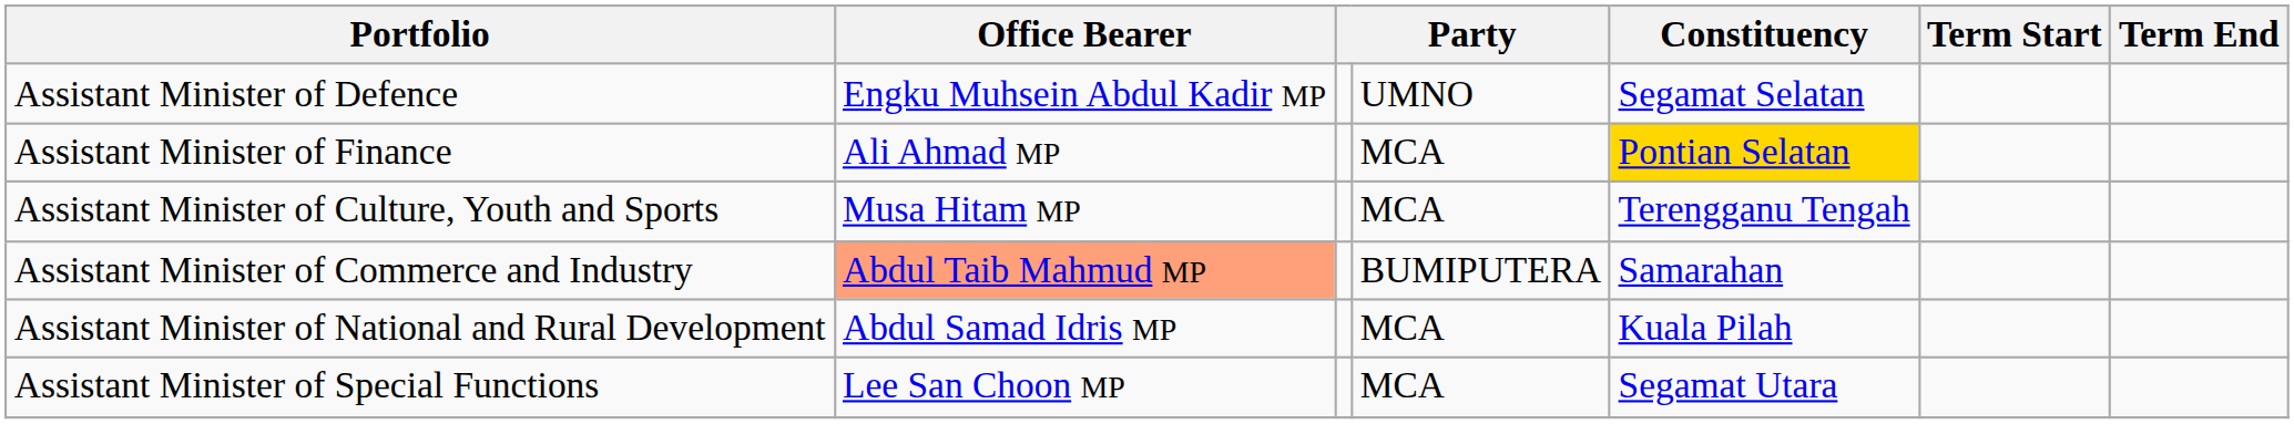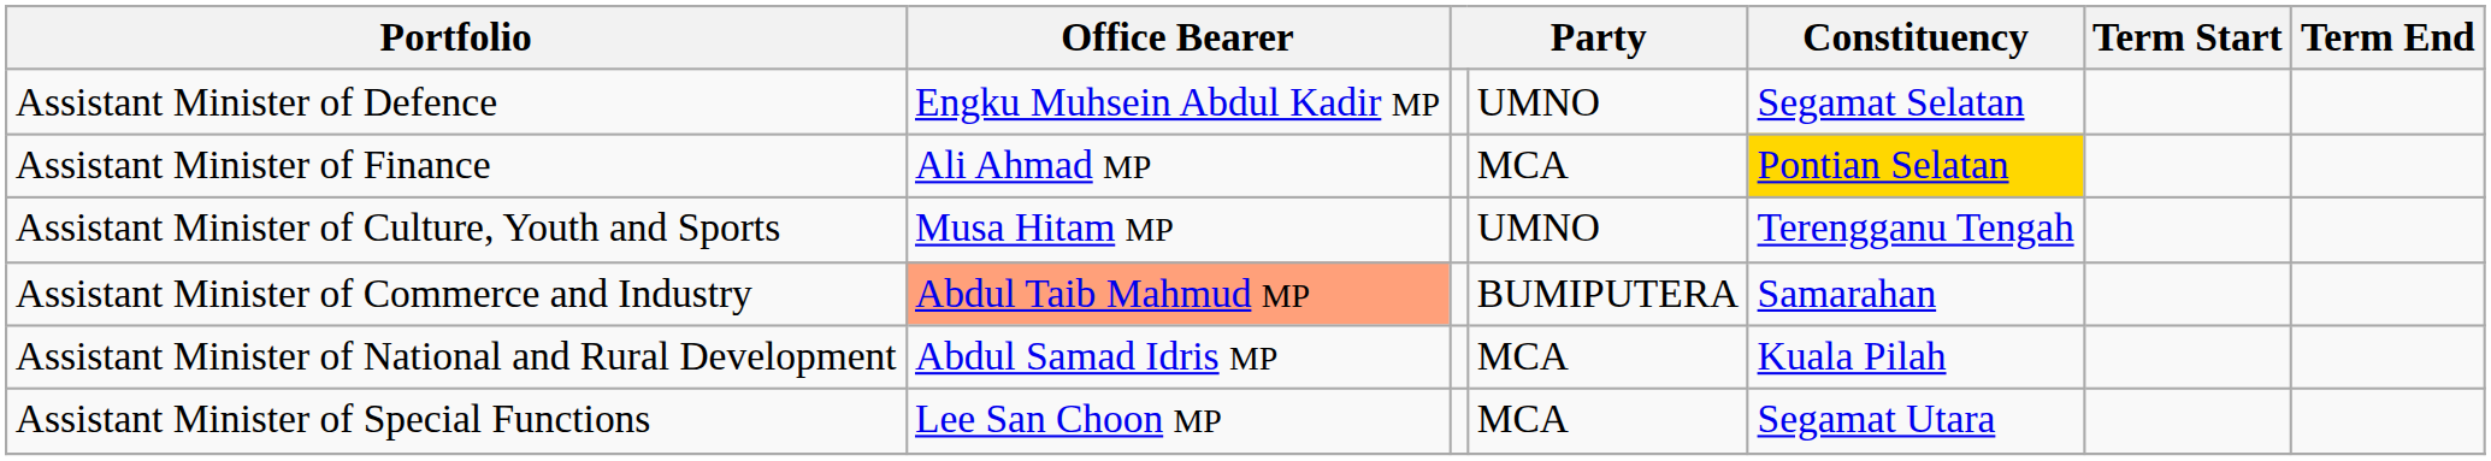 <table class="sortable wikitable">
 <tr>
 <th>Portfolio</th>
 <th>Office Bearer</th>
 <th colspan=2>Party</th>
 <th>Constituency</th>
 <th>Term Start</th>
 <th>Term End</th>
 </tr>
 <tr>
 <td>Assistant Minister of Defence</td>
 <td><a href='#'>Engku Muhsein Abdul Kadir</a> <small>MP</small></td>
 <td></td>
 <td>UMNO</td>
 <td><a href='#'>Segamat Selatan</a></td>
 <td></td>
 <td></td>
 </tr>
 <tr>
 <td>Assistant Minister of Finance</td>
 <td><a href='#'>Ali Ahmad</a> <small>MP</small></td>
 <td></td>
 <td>MCA</td>
 <td style="background: gold;"><a href='#'>Pontian Selatan</a></td>
 <td></td>
 <td></td>
 </tr>
 <tr>
 <td>Assistant Minister of Culture, Youth and Sports</td>
 <td><a href='#'>Musa Hitam</a> <small>MP</small></td>
 <td></td>
-<td>MCA</td>
+<td>UMNO</td>
 <td><a href='#'>Terengganu Tengah</a></td>
 <td></td>
 <td></td>
 </tr>
 <tr>
 <td>Assistant Minister of Commerce and Industry</td>
 <td style="background: lightsalmon;"><a href='#'>Abdul Taib Mahmud</a> <small>MP</small></td>
 <td></td>
 <td>BUMIPUTERA</td>
 <td><a href='#'>Samarahan</a></td>
 <td></td>
 <td></td>
 </tr>
 <tr>
 <td>Assistant Minister of National and Rural Development</td>
 <td><a href='#'>Abdul Samad Idris</a> <small>MP</small></td>
 <td></td>
 <td>MCA</td>
 <td><a href='#'>Kuala Pilah</a></td>
 <td></td>
 <td></td>
 </tr>
 <tr>
 <td>Assistant Minister of Special Functions</td>
 <td><a href='#'>Lee San Choon</a> <small>MP</small></td>
 <td></td>
 <td>MCA</td>
 <td><a href='#'>Segamat Utara</a></td>
 <td></td>
 <td></td>
 </tr>
 <tr>
 </tr>
 </table>
